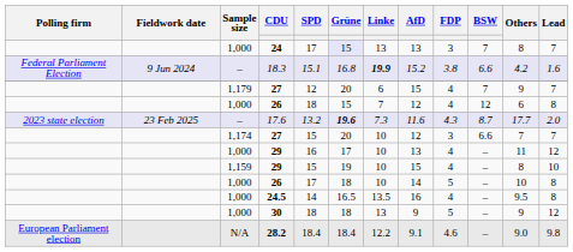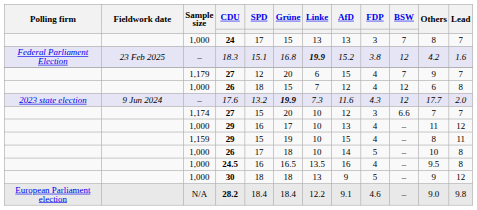 <table class="wikitable sortable" style="text-align:center;font-size:90%;line-height:14px;">
 <tr style="height:40px;">
 <th style="width:150px;" rowspan="2">Polling firm</th>
 <th style="width:125px;" rowspan="2">Fieldwork date</th>
 <th style="width:35px;" rowspan="2">Sample<br>size</th>
 <th class="unsortable" style="width:40px;"><a href='#'>CDU</a></th>
 <th class="unsortable" style="width:40px;"><a href='#'>SPD</a></th>
 <th class="unsortable" style="width:40px;"><a href='#'>Grüne</a></th>
 <th class="unsortable" style="width:40px;"><a href='#'>Linke</a></th>
 <th class="unsortable" style="width:40px;"><a href='#'>AfD</a></th>
 <th class="unsortable" style="width:40px;"><a href='#'>FDP</a></th>
 <th class="unsortable" style="width:40px;"><a href='#'>BSW</a></th>
 <th rowspan="2" class="unsortable" style="width:40px;">Others</th>
 <th style="width:30px;" rowspan="2">Lead</th>
 </tr>
 <tr>
 <th style="background:"></th>
 <th style="background:"></th>
 <th style="background:"></th>
 <th style="background:"></th>
 <th style="background:"></th>
 <th style="background:"></th>
 <th style="background:"></th>
 </tr>
 <tr>
 <td></td>
 <td></td>
 <td>1,000</td>
 <td><strong>24</strong></td>
 <td>17</td>
-<td style="background: lavender;">15</td>
+<td>15</td>
 <td>13</td>
 <td>13</td>
 <td>3</td>
 <td>7</td>
 <td>8</td>
 <td style="background:">7</td>
 </tr>
 <tr style="background:#E5E5F5;font-style:italic;">
 <td><a href='#'>Federal Parliament Election</a></td>
-<td data-sort-value="2024-06-09">9 Jun 2024</td>
+<td data-sort-value="2025-02-23">23 Feb 2025</td>
 <td>–</td>
 <td>18.3</td>
 <td>15.1</td>
 <td>16.8</td>
 <td><strong>19.9</strong></td>
 <td>15.2</td>
 <td>3.8</td>
-<td>6.6</td>
+<td>12</td>
 <td>4.2</td>
 <td style="background:">1.6</td>
 </tr>
 <tr>
 </tr>
 <tr>
 <td></td>
 <td></td>
 <td>1,179</td>
 <td><strong>27</strong></td>
 <td>12</td>
 <td>20</td>
 <td>6</td>
 <td>15</td>
 <td>4</td>
 <td>7</td>
 <td>9</td>
 <td style="background:">7</td>
 </tr>
 <tr>
 <td></td>
 <td></td>
 <td>1,000</td>
 <td><strong>26</strong></td>
 <td>18</td>
 <td>15</td>
 <td>7</td>
 <td>12</td>
 <td>4</td>
 <td>12</td>
 <td>6</td>
 <td style="background:">8</td>
 </tr>
 <tr style="background:#E5E5F5;font-style:italic;">
 <td><a href='#'>2023 state election</a></td>
-<td data-sort-value="2025-02-23">23 Feb 2025</td>
+<td data-sort-value="2024-06-09">9 Jun 2024</td>
 <td>–</td>
 <td>17.6</td>
 <td>13.2</td>
-<td><strong>19.6</strong></td>
+<td><strong>19.9</strong></td>
 <td>7.3</td>
 <td>11.6</td>
 <td>4.3</td>
-<td>8.7</td>
+<td>12</td>
 <td>17.7</td>
 <td style="background:">2.0</td>
 </tr>
 <tr>
 <td></td>
 <td></td>
 <td>1,174</td>
 <td><strong>27</strong></td>
 <td>15</td>
 <td>20</td>
 <td>10</td>
 <td>12</td>
 <td>3</td>
 <td>6.6</td>
 <td>7</td>
 <td style="background:">7</td>
 </tr>
 <tr>
 <td></td>
 <td></td>
 <td>1,000</td>
 <td><strong>29</strong></td>
 <td>16</td>
 <td>17</td>
 <td>10</td>
 <td>13</td>
 <td>4</td>
 <td>–</td>
 <td>11</td>
 <td style="background:">12</td>
 </tr>
 <tr>
 <td></td>
 <td></td>
 <td>1,159</td>
 <td><strong>29</strong></td>
 <td>15</td>
 <td>19</td>
 <td>10</td>
 <td>15</td>
 <td>4</td>
 <td>–</td>
 <td>8</td>
-<td style="background:">10</td>
+<td style="background:">11</td>
 </tr>
 <tr>
 <td></td>
 <td></td>
 <td>1,000</td>
 <td><strong>26</strong></td>
 <td>17</td>
 <td>18</td>
 <td>10</td>
 <td>14</td>
 <td>5</td>
 <td>–</td>
 <td>10</td>
 <td style="background:">8</td>
 </tr>
 <tr>
 <td></td>
 <td></td>
 <td>1,000</td>
 <td><strong>24.5</strong></td>
-<td>14</td>
+<td>16</td>
 <td>16.5</td>
 <td>13.5</td>
 <td>16</td>
 <td>4</td>
 <td>–</td>
 <td>9.5</td>
 <td style="background:">8</td>
 </tr>
 <tr>
 <td></td>
 <td></td>
 <td>1,000</td>
 <td><strong>30</strong></td>
 <td>18</td>
 <td>18</td>
 <td>13</td>
 <td>9</td>
 <td>5</td>
 <td>–</td>
 <td>9</td>
 <td style="background:">12</td>
 </tr>
 <tr style="background:#E9E9E9;">
 <td><a href='#'>European Parliament election</a></td>
 <td></td>
 <td>N/A</td>
 <td><strong>28.2</strong></td>
 <td>18.4</td>
 <td>18.4</td>
 <td>12.2</td>
 <td>9.1</td>
 <td>4.6</td>
 <td>–</td>
 <td>9.0</td>
 <td style="background:">9.8</td>
 </tr>
 </table>
